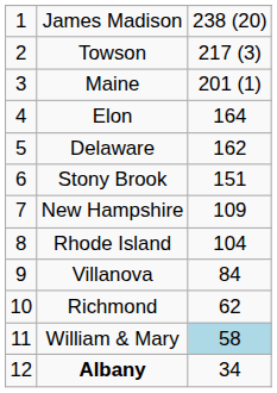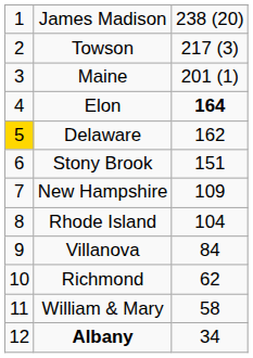 <table class="wikitable">
 <tr align="center">
 </tr>
 <tr align="center">
 <td>1</td>
 <td>James Madison</td>
 <td>238 (20)</td>
 </tr>
 <tr align="center">
 <td>2</td>
 <td>Towson</td>
 <td>217 (3)</td>
 </tr>
 <tr align="center">
 <td>3</td>
 <td>Maine</td>
 <td>201 (1)</td>
 </tr>
 <tr align="center">
 <td>4</td>
 <td>Elon</td>
-<td>164</td>
+<td><strong>164</strong></td>
 </tr>
 <tr align="center">
-<td>5</td>
+<td style="background: gold;">5</td>
 <td>Delaware</td>
 <td>162</td>
 </tr>
 <tr align="center">
 <td>6</td>
 <td>Stony Brook</td>
 <td>151</td>
 </tr>
 <tr align="center">
 <td>7</td>
 <td>New Hampshire</td>
 <td>109</td>
 </tr>
 <tr align="center">
 <td>8</td>
 <td>Rhode Island</td>
 <td>104</td>
 </tr>
 <tr align="center">
 <td>9</td>
 <td>Villanova</td>
 <td>84</td>
 </tr>
 <tr align="center">
 <td>10</td>
 <td>Richmond</td>
 <td>62</td>
 </tr>
 <tr align="center">
 <td>11</td>
 <td>William & Mary</td>
-<td style="background: lightblue;">58</td>
+<td>58</td>
 </tr>
 <tr align="center">
 <td>12</td>
 <td><strong>Albany</strong></td>
 <td>34</td>
 </tr>
 </table>
